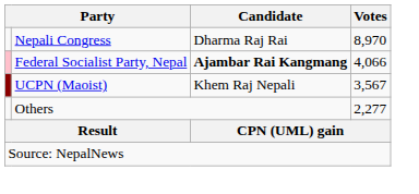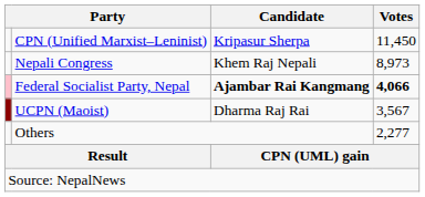 <table class="wikitable">
 <tr>
 <th colspan="2">Party</th>
 <th>Candidate</th>
 <th>Votes</th>
 </tr>
 <tr>
 <td style="background-color:"></td>
+<td><a href='#'>CPN (Unified Marxist–Leninist)</a></td>
+<td><a href='#'>Kripasur Sherpa</a></td>
+<td>11,450</td>
+</tr>
+<tr>
+<td style="background-color:"></td>
 <td><a href='#'>Nepali Congress</a></td>
-<td>Dharma Raj Rai</td>
-<td>8,970</td>
+<td>Khem Raj Nepali</td>
+<td>8,973</td>
 </tr>
 <tr>
 <td style="background-color:#ffc0cb"></td>
 <td><a href='#'>Federal Socialist Party, Nepal</a></td>
 <td><strong>Ajambar Rai Kangmang</strong></td>
-<td>4,066</td>
+<td><strong>4,066</strong></td>
 </tr>
 <tr>
 <td style="background-color:darkred"></td>
 <td><a href='#'>UCPN (Maoist)</a></td>
-<td>Khem Raj Nepali</td>
+<td>Dharma Raj Rai</td>
 <td>3,567</td>
 </tr>
 <tr>
 <td></td>
 <td colspan="2">Others</td>
 <td>2,277</td>
 </tr>
 <tr>
 <th colspan="2">Result</th>
 <th colspan="2">CPN (UML) gain</th>
 </tr>
 <tr>
 <td colspan="4">Source: NepalNews</td>
 </tr>
 </table>
